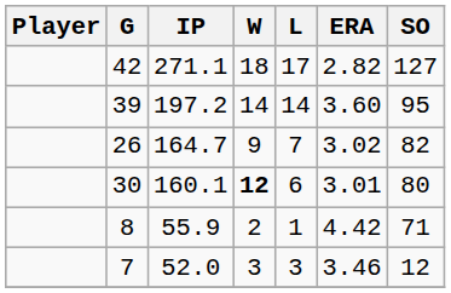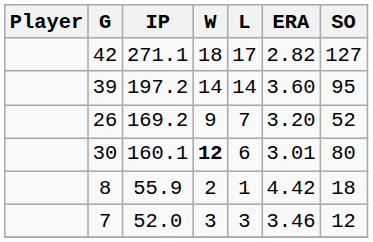 <table class="wikitable sortable" style="text-align:center;">
 <tr>
 <th>Player</th>
 <th>G</th>
 <th>IP</th>
 <th>W</th>
 <th>L</th>
 <th>ERA</th>
 <th>SO</th>
 </tr>
 <tr>
 <td></td>
 <td>42</td>
 <td>271.1</td>
 <td>18</td>
 <td>17</td>
 <td>2.82</td>
 <td>127</td>
 </tr>
 <tr>
 <td></td>
 <td>39</td>
 <td>197.2</td>
 <td>14</td>
 <td>14</td>
 <td>3.60</td>
 <td>95</td>
 </tr>
 <tr>
 <td></td>
 <td>26</td>
-<td>164.7</td>
+<td>169.2</td>
 <td>9</td>
 <td>7</td>
-<td>3.02</td>
-<td>82</td>
+<td>3.20</td>
+<td>52</td>
 </tr>
 <tr>
 <td></td>
 <td>30</td>
 <td>160.1</td>
 <td><strong>12</strong></td>
 <td>6</td>
 <td>3.01</td>
 <td>80</td>
 </tr>
 <tr>
 <td></td>
 <td>8</td>
 <td>55.9</td>
 <td>2</td>
 <td>1</td>
 <td>4.42</td>
-<td>71</td>
+<td>18</td>
 </tr>
 <tr>
 <td></td>
 <td>7</td>
 <td>52.0</td>
 <td>3</td>
 <td>3</td>
 <td>3.46</td>
 <td>12</td>
 </tr>
 <tr>
 </tr>
 </table>
